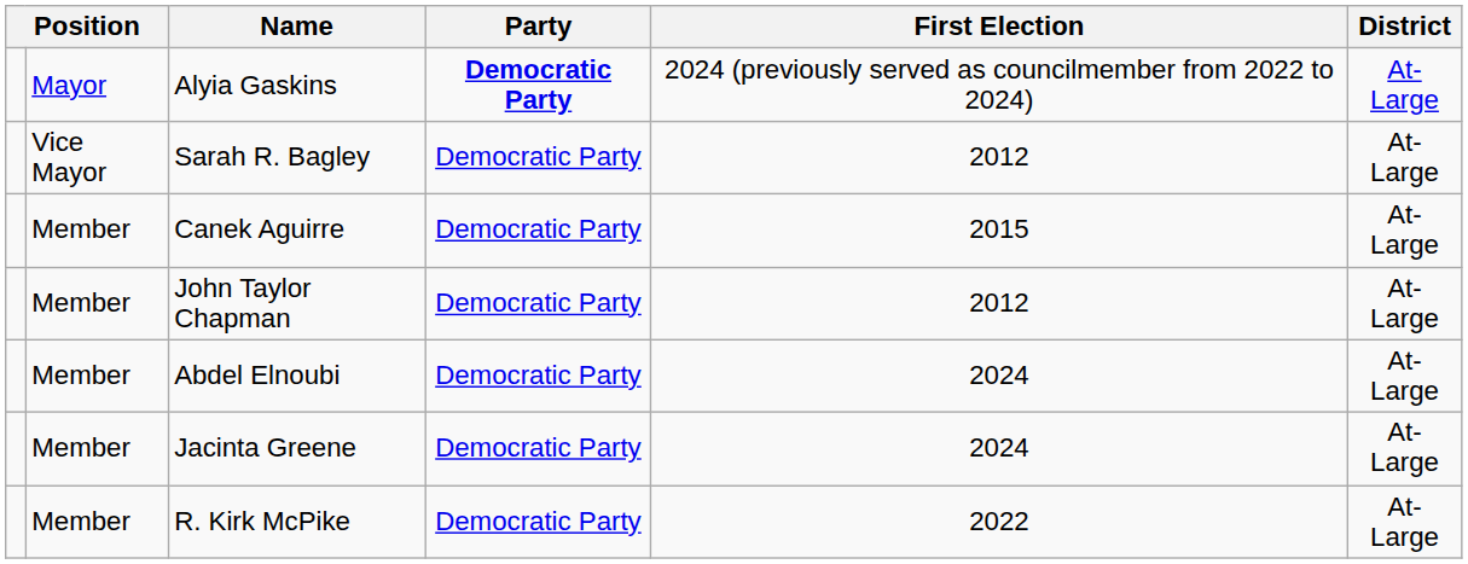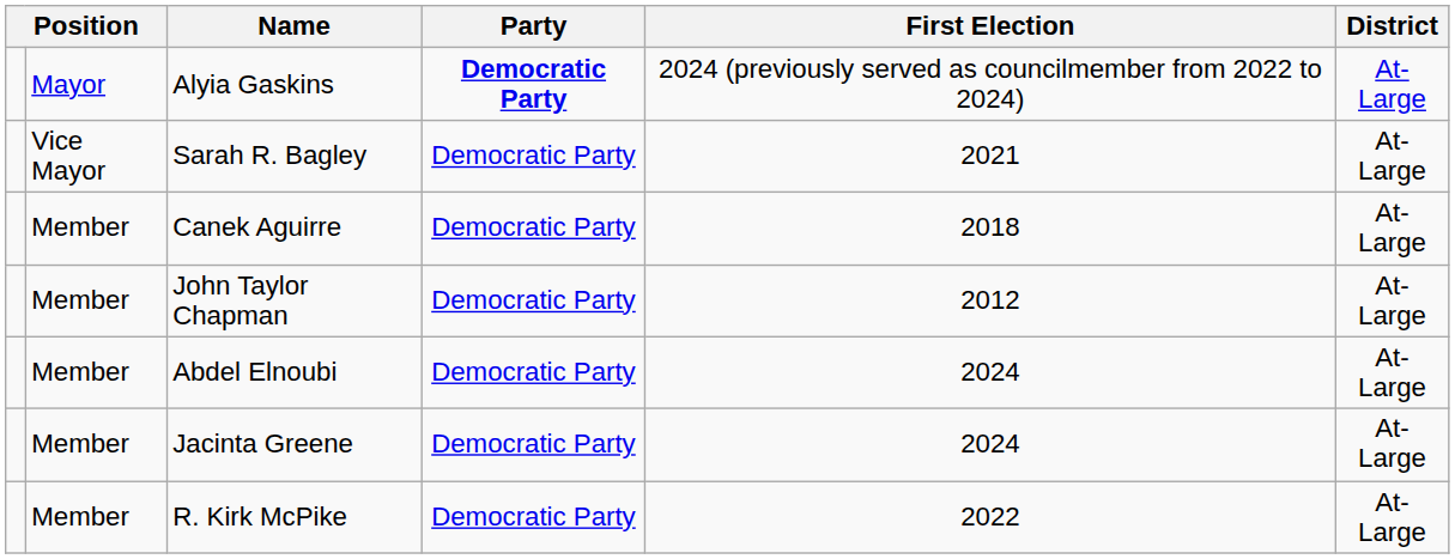 <table class="wikitable mw-collapsible">
 <tr>
 <th colspan="2"  style="text-align:center; vertical-align:bottom;">Position</th>
 <th style="text-align:center;">Name</th>
 <th valign=bottom>Party</th>
 <th style="vertical-align:bottom; text-align:center;">First Election</th>
 <th style="vertical-align:bottom; text-align:center;">District</th>
 </tr>
 <tr>
 <td style="background-color:"> </td>
 <td><a href='#'>Mayor</a></td>
 <td>Alyia Gaskins</td>
 <td style="text-align:center;"><strong><a href='#'>Democratic Party</a></strong></td>
 <td style="text-align:center;">2024 (previously served as councilmember from 2022 to 2024)</td>
 <td style="text-align:center;"><a href='#'>At-Large</a></td>
 </tr>
 <tr>
 <td style="background-color:"> </td>
 <td>Vice Mayor</td>
 <td>Sarah R. Bagley</td>
 <td style="text-align:center;"><a href='#'>Democratic Party</a></td>
-<td style="text-align:center;">2012</td>
+<td style="text-align:center;">2021</td>
 <td style="text-align:center;">At-Large</td>
 </tr>
 <tr>
 <td style="background-color:"> </td>
 <td>Member</td>
 <td>Canek Aguirre</td>
 <td style="text-align:center;"><a href='#'>Democratic Party</a></td>
-<td style="text-align:center;">2015</td>
+<td style="text-align:center;">2018</td>
 <td style="text-align:center;">At-Large</td>
 </tr>
 <tr>
 <td style="background-color:"> </td>
 <td>Member</td>
 <td>John Taylor Chapman</td>
 <td style="text-align:center;"><a href='#'>Democratic Party</a></td>
 <td style="text-align:center;">2012</td>
 <td style="text-align:center;">At-Large</td>
 </tr>
 <tr>
 <td style="background-color:"> </td>
 <td>Member</td>
 <td>Abdel Elnoubi</td>
 <td style="text-align:center;"><a href='#'>Democratic Party</a></td>
 <td style="text-align:center;">2024</td>
 <td style="text-align:center;">At-Large</td>
 </tr>
 <tr>
 <td style="background-color:"> </td>
 <td>Member</td>
 <td>Jacinta Greene</td>
 <td style="text-align:center;"><a href='#'>Democratic Party</a></td>
 <td style="text-align:center;">2024</td>
 <td style="text-align:center;">At-Large</td>
 </tr>
 <tr>
 <td style="background-color:"> </td>
 <td>Member</td>
 <td>R. Kirk McPike</td>
 <td style="text-align:center;"><a href='#'>Democratic Party</a></td>
 <td style="text-align:center;">2022</td>
 <td style="text-align:center;">At-Large</td>
 </tr>
 </table>
